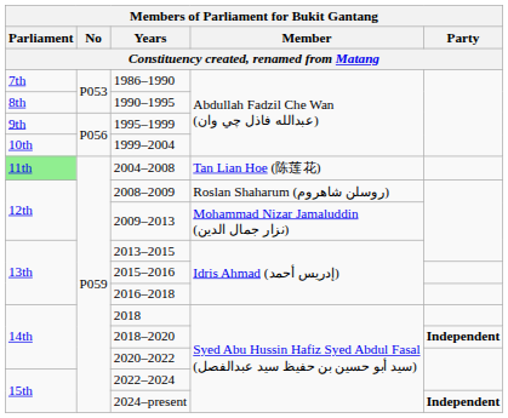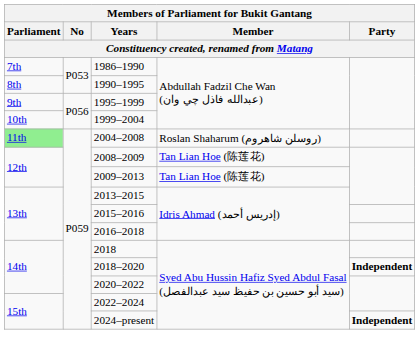 <table class=wikitable>
 <tr>
 <th colspan="5">Members of Parliament for Bukit Gantang</th>
 </tr>
 <tr>
 <th>Parliament</th>
 <th>No</th>
 <th>Years</th>
 <th>Member</th>
 <th>Party</th>
 </tr>
 <tr>
 <th colspan="5" align="center"><em>Constituency created, renamed from <a href='#'>Matang</a></em></th>
 </tr>
 <tr>
 <td><a href='#'>7th</a></td>
 <td rowspan="2">P053</td>
 <td>1986–1990</td>
 <td rowspan=4>Abdullah Fadzil Che Wan  <br>(عبدالله فاذل چي وان)</td>
 <td rowspan="4"></td>
 </tr>
 <tr>
 <td><a href='#'>8th</a></td>
 <td>1990–1995</td>
 </tr>
 <tr>
 <td><a href='#'>9th</a></td>
 <td rowspan="2">P056</td>
 <td>1995–1999</td>
 </tr>
 <tr>
 <td><a href='#'>10th</a></td>
 <td>1999–2004</td>
 </tr>
 <tr>
 <td style="background: lightgreen;"><a href='#'>11th</a></td>
 <td rowspan=11>P059</td>
 <td>2004–2008</td>
-<td><a href='#'>Tan Lian Hoe</a> (陈莲花)</td>
+<td>Roslan Shaharum (روسلن شاهروم)</td>
 <td></td>
 </tr>
 <tr>
 <td rowspan=2><a href='#'>12th</a></td>
 <td>2008–2009</td>
-<td>Roslan Shaharum (روسلن شاهروم)</td>
+<td><a href='#'>Tan Lian Hoe</a> (陈莲花)</td>
 <td rowspan=3></td>
 </tr>
 <tr>
 <td>2009–2013</td>
-<td><a href='#'>Mohammad Nizar Jamaluddin</a> <br> (نزار جمال الدين)</td>
+<td><a href='#'>Tan Lian Hoe</a> (陈莲花)</td>
 </tr>
 <tr>
 <td rowspan=3><a href='#'>13th</a></td>
 <td>2013–2015</td>
 <td rowspan=3><a href='#'>Idris Ahmad</a> (إدريس أحمد)</td>
 </tr>
 <tr>
 <td>2015–2016</td>
 <td></td>
 </tr>
 <tr>
 <td>2016–2018</td>
 <td></td>
 </tr>
 <tr>
 <td rowspan=3><a href='#'>14th</a></td>
 <td>2018</td>
 <td rowspan="5"><a href='#'>Syed Abu Hussin Hafiz Syed Abdul Fasal</a> <br> (سيد أبو حسين بن حفيظ سيد عبدالفصل)</td>
 <td></td>
 </tr>
 <tr>
 <td>2018–2020</td>
 <td><strong>Independent</strong></td>
 </tr>
 <tr>
 <td>2020–2022</td>
 <td rowspan=2></td>
 </tr>
 <tr>
 <td rowspan="2"><a href='#'>15th</a></td>
 <td>2022–2024</td>
 </tr>
 <tr>
 <td>2024–present</td>
 <td><strong>Independent</strong></td>
 </tr>
 </table>
